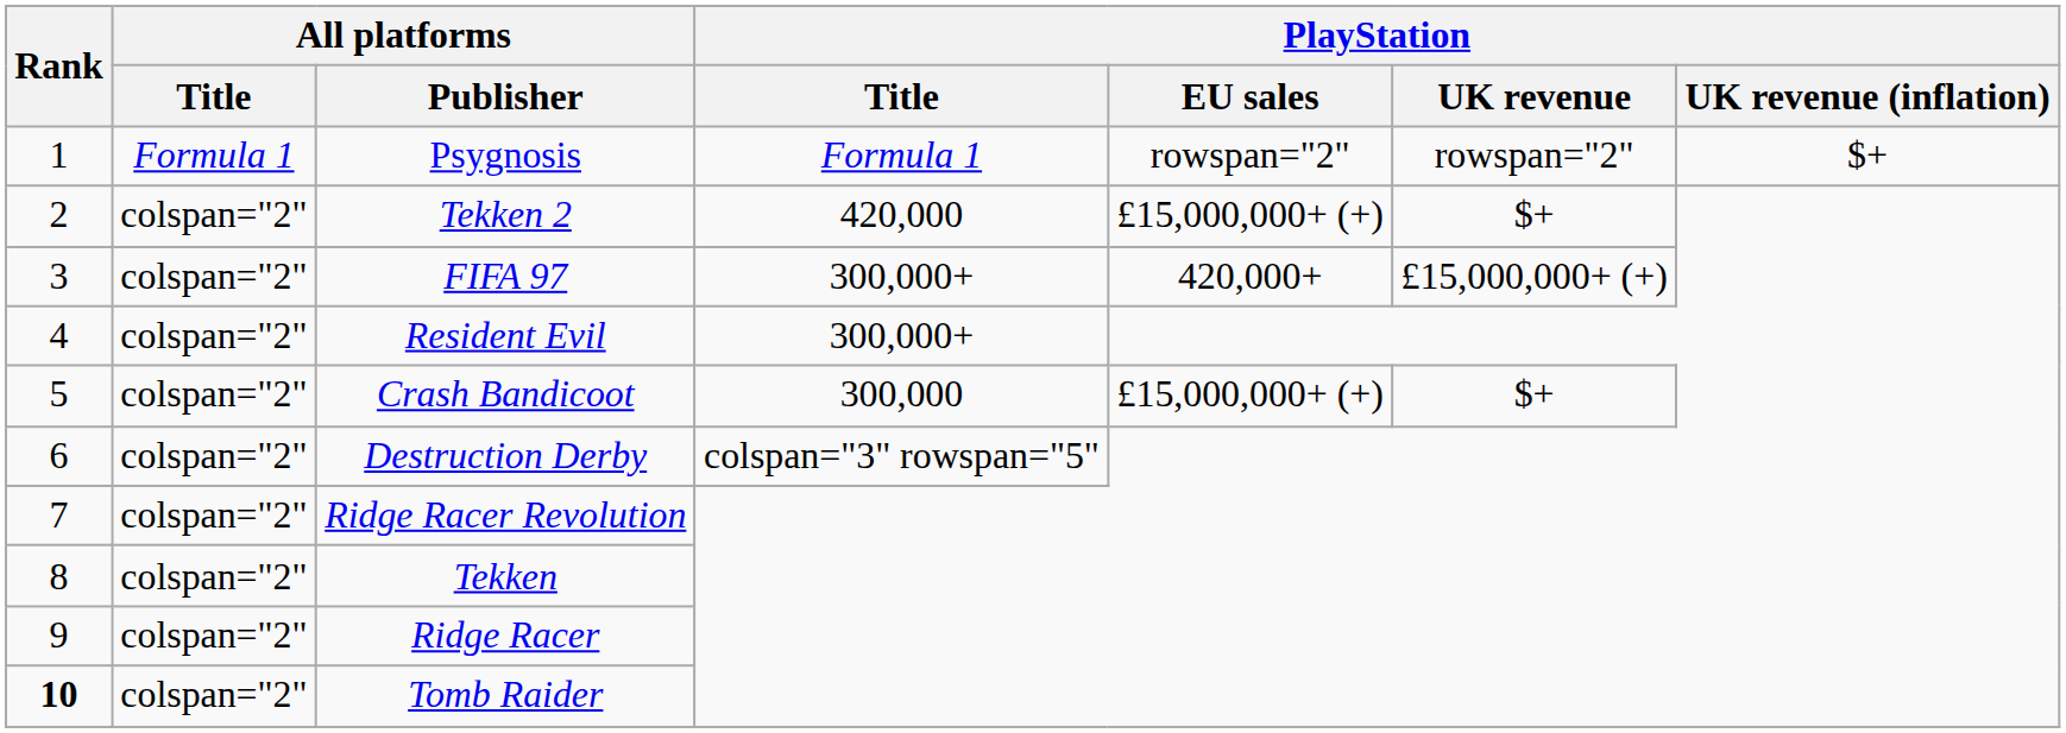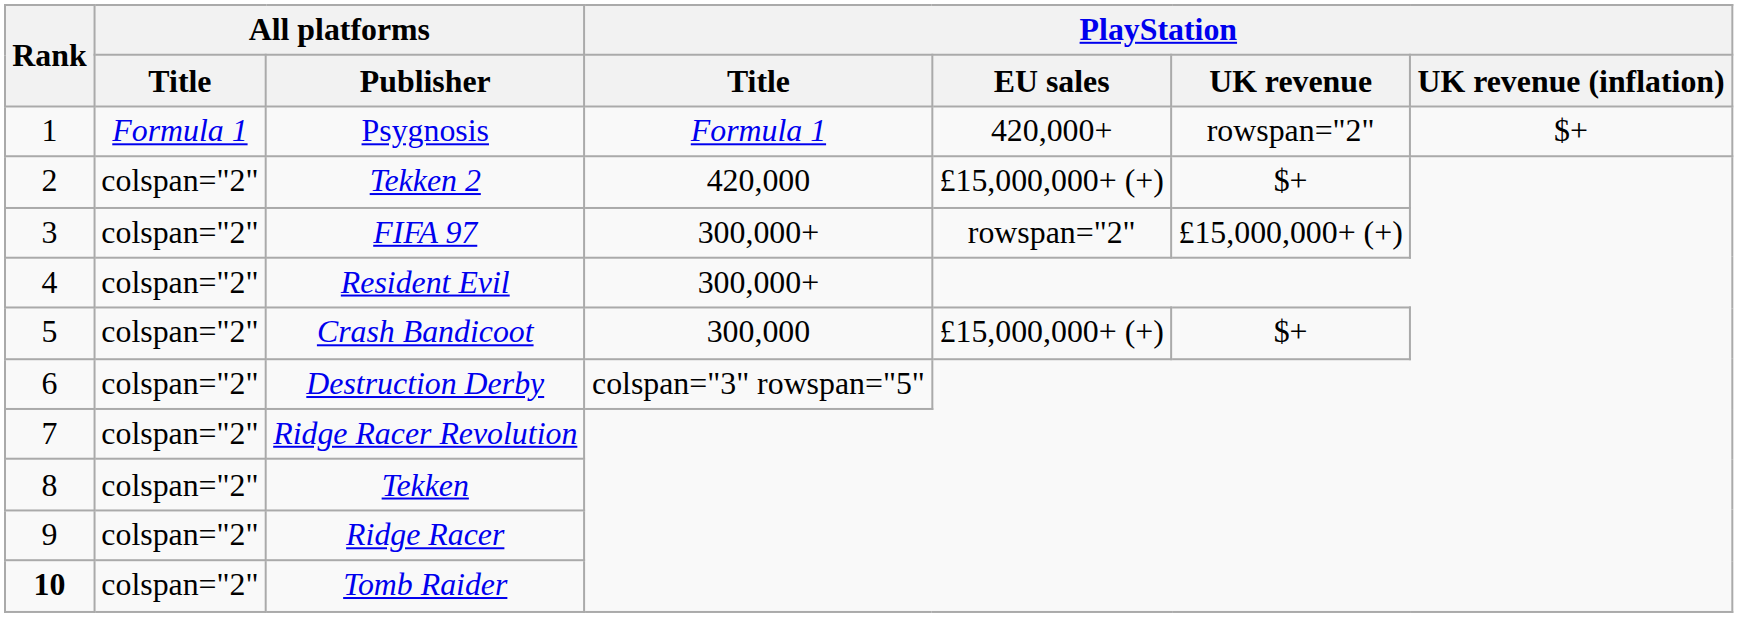 <table class="wikitable sortable" style="text-align:center">
 <tr>
 <th rowspan="2">Rank</th>
 <th colspan="2">All platforms</th>
 <th colspan="4"><a href='#'>PlayStation</a></th>
 </tr>
 <tr>
 <th>Title</th>
 <th>Publisher</th>
 <th>Title</th>
 <th>EU sales</th>
 <th>UK revenue</th>
 <th>UK revenue (inflation)</th>
 </tr>
 <tr>
 <td>1</td>
 <td><em><a href='#'>Formula 1</a></em></td>
 <td><a href='#'>Psygnosis</a></td>
 <td><em><a href='#'>Formula 1</a></em></td>
-<td>rowspan="2" </td>
+<td>420,000+</td>
 <td>rowspan="2" </td>
 <td>$+</td>
 </tr>
 <tr>
 <td>2</td>
 <td>colspan="2" </td>
 <td><em><a href='#'>Tekken 2</a></em></td>
 <td>420,000</td>
 <td>£15,000,000+ (+)</td>
 <td>$+</td>
 </tr>
 <tr>
 <td>3</td>
 <td>colspan="2" </td>
 <td><em><a href='#'>FIFA 97</a></em></td>
 <td>300,000+</td>
-<td>420,000+</td>
+<td>rowspan="2" </td>
 <td>£15,000,000+ (+)</td>
 </tr>
 <tr>
 <td>4</td>
 <td>colspan="2" </td>
 <td><em><a href='#'>Resident Evil</a></em></td>
 <td>300,000+</td>
 </tr>
 <tr>
 <td>5</td>
 <td>colspan="2" </td>
 <td><em><a href='#'>Crash Bandicoot</a></em></td>
 <td>300,000</td>
 <td>£15,000,000+ (+)</td>
 <td>$+</td>
 </tr>
 <tr>
 <td>6</td>
 <td>colspan="2" </td>
 <td><em><a href='#'>Destruction Derby</a></em></td>
 <td>colspan="3" rowspan="5" </td>
 </tr>
 <tr>
 <td>7</td>
 <td>colspan="2" </td>
 <td><em><a href='#'>Ridge Racer Revolution</a></em></td>
 </tr>
 <tr>
 <td>8</td>
 <td>colspan="2" </td>
 <td><em><a href='#'>Tekken</a></em></td>
 </tr>
 <tr>
 <td>9</td>
 <td>colspan="2" </td>
 <td><em><a href='#'>Ridge Racer</a></em></td>
 </tr>
 <tr>
 <td><strong>10</strong></td>
 <td>colspan="2" </td>
 <td><em><a href='#'>Tomb Raider</a></em></td>
 </tr>
 </table>
